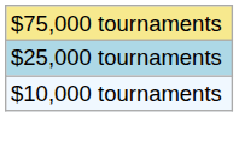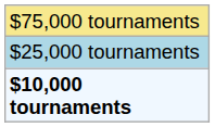 <table class="wikitable"  style="font-size:85%; width:11%;">
 <tr style="background:#f7e98e;">
 <td>$75,000 tournaments</td>
 </tr>
 <tr style="background:lightblue;">
 <td>$25,000 tournaments</td>
 </tr>
 <tr bgcolor="#f0f8ff">
-<td>$10,000 tournaments</td>
+<td><strong>$10,000 tournaments</strong></td>
 </tr>
 </table>
